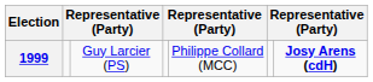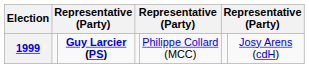 <table class="wikitable" style="text-align:center">
 <tr>
 <th>Election</th>
 <th colspan=2>Representative<br>(Party)</th>
 <th colspan=2>Representative<br>(Party)</th>
 <th colspan=2>Representative<br>(Party)</th>
 </tr>
 <tr>
 <th><a href='#'>1999</a></th>
 <td rowspan=1; style="background-color: "></td>
-<td><a href='#'>Guy Larcier</a><br>(<a href='#'>PS</a>)</td>
+<td><strong><a href='#'>Guy Larcier</a><br>(<a href='#'>PS</a>)</strong></td>
 <td rowspan=1; style="background-color: "></td>
 <td><a href='#'>Philippe Collard</a><br>(MCC)</td>
 <td rowspan=1; style="background-color: "></td>
-<td><strong><a href='#'>Josy Arens</a><br>(<a href='#'>cdH</a>)</strong></td>
+<td><a href='#'>Josy Arens</a><br>(<a href='#'>cdH</a>)</td>
 </tr>
 </table>
